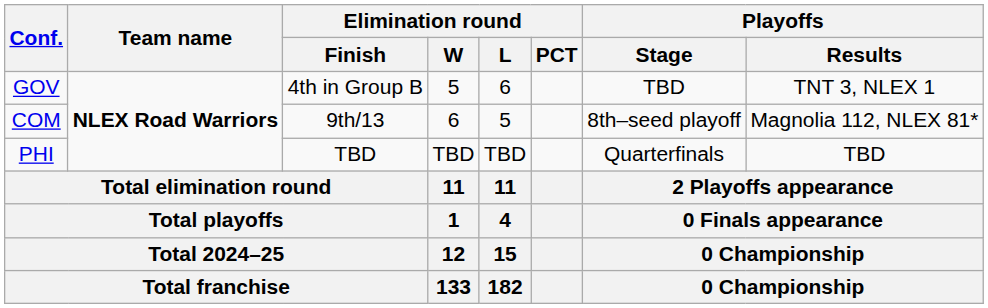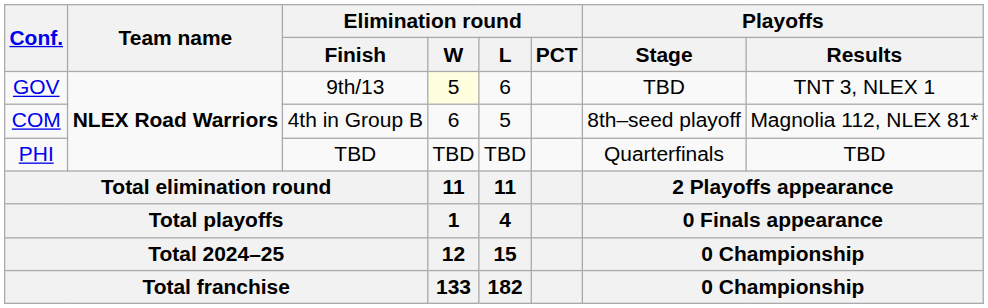 <table class=wikitable style="text-align:center;">
 <tr>
 <th rowspan=2><a href='#'>Conf.</a></th>
 <th rowspan=2>Team name</th>
 <th colspan=4>Elimination round</th>
 <th colspan=2>Playoffs</th>
 </tr>
 <tr>
 <th>Finish</th>
 <th>W</th>
 <th>L</th>
 <th>PCT</th>
 <th>Stage</th>
 <th>Results</th>
 </tr>
 <tr>
 <td><a href='#'>GOV</a></td>
 <td rowspan=3><strong>NLEX Road Warriors</strong></td>
-<td>4th in Group B</td>
-<td>5</td>
+<td>9th/13</td>
+<td style="background: lightyellow;">5</td>
 <td>6</td>
 <td></td>
 <td>TBD</td>
 <td>TNT 3, NLEX 1</td>
 </tr>
 <tr>
 <td><a href='#'>COM</a></td>
-<td>9th/13</td>
+<td>4th in Group B</td>
 <td>6</td>
 <td>5</td>
 <td></td>
 <td>8th–seed playoff</td>
 <td>Magnolia 112, NLEX 81*</td>
 </tr>
 <tr>
 <td><a href='#'>PHI</a></td>
 <td>TBD</td>
 <td>TBD</td>
 <td>TBD</td>
 <td></td>
 <td>Quarterfinals</td>
 <td>TBD</td>
 </tr>
 <tr>
 <th colspan=3>Total elimination round</th>
 <th>11</th>
 <th>11</th>
 <th></th>
 <th colspan=2>2 Playoffs appearance</th>
 </tr>
 <tr>
 <th colspan=3>Total playoffs</th>
 <th>1</th>
 <th>4</th>
 <th></th>
 <th colspan=2>0 Finals appearance</th>
 </tr>
 <tr>
 <th colspan=3>Total 2024–25</th>
 <th>12</th>
 <th>15</th>
 <th></th>
 <th colspan=2>0 Championship</th>
 </tr>
 <tr>
 <th colspan=3>Total franchise</th>
 <th>133</th>
 <th>182</th>
 <th></th>
 <th colspan=2>0 Championship</th>
 </tr>
 </table>
